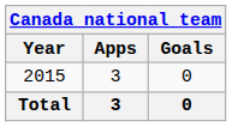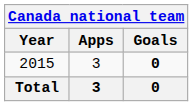 <table class="wikitable" style="text-align:center">
 <tr>
 <th colspan=3><a href='#'>Canada national team</a></th>
 </tr>
 <tr>
 <th>Year</th>
 <th>Apps</th>
 <th>Goals</th>
 </tr>
 <tr>
 <td>2015</td>
 <td>3</td>
-<td>0</td>
+<td><strong>0</strong></td>
 </tr>
 <tr>
 <th>Total</th>
 <th>3</th>
 <th>0</th>
 </tr>
 </table>
